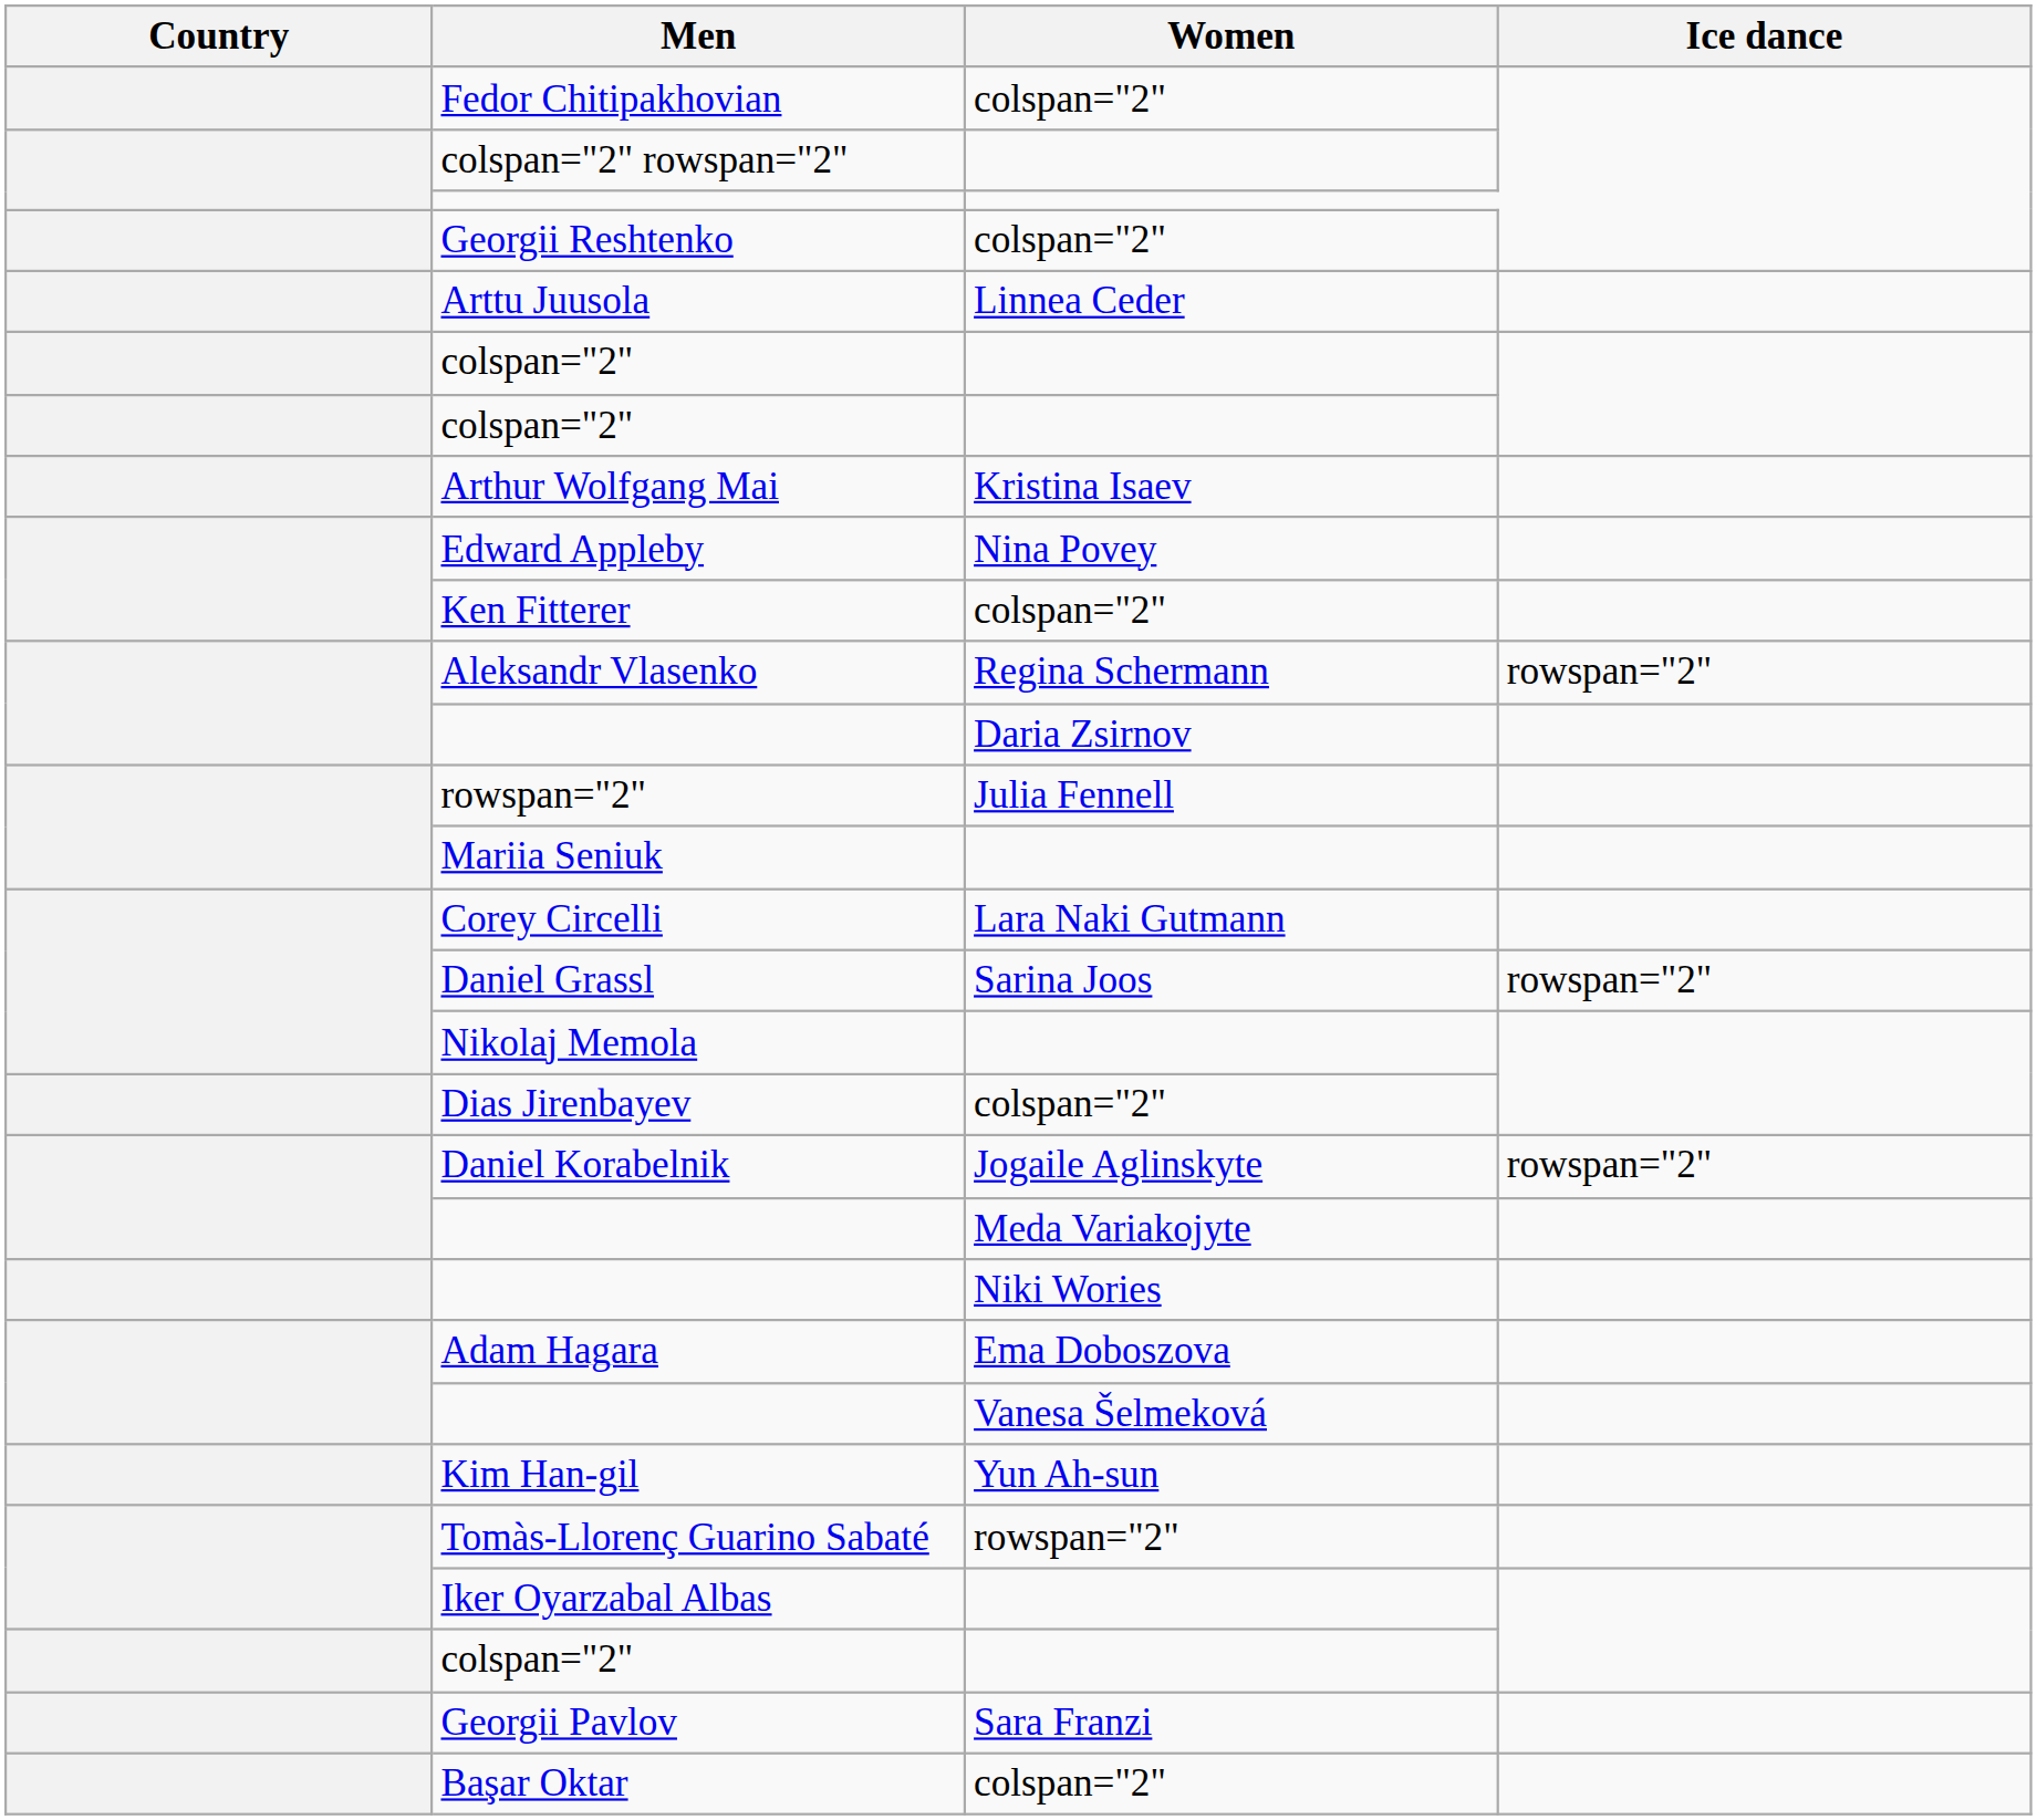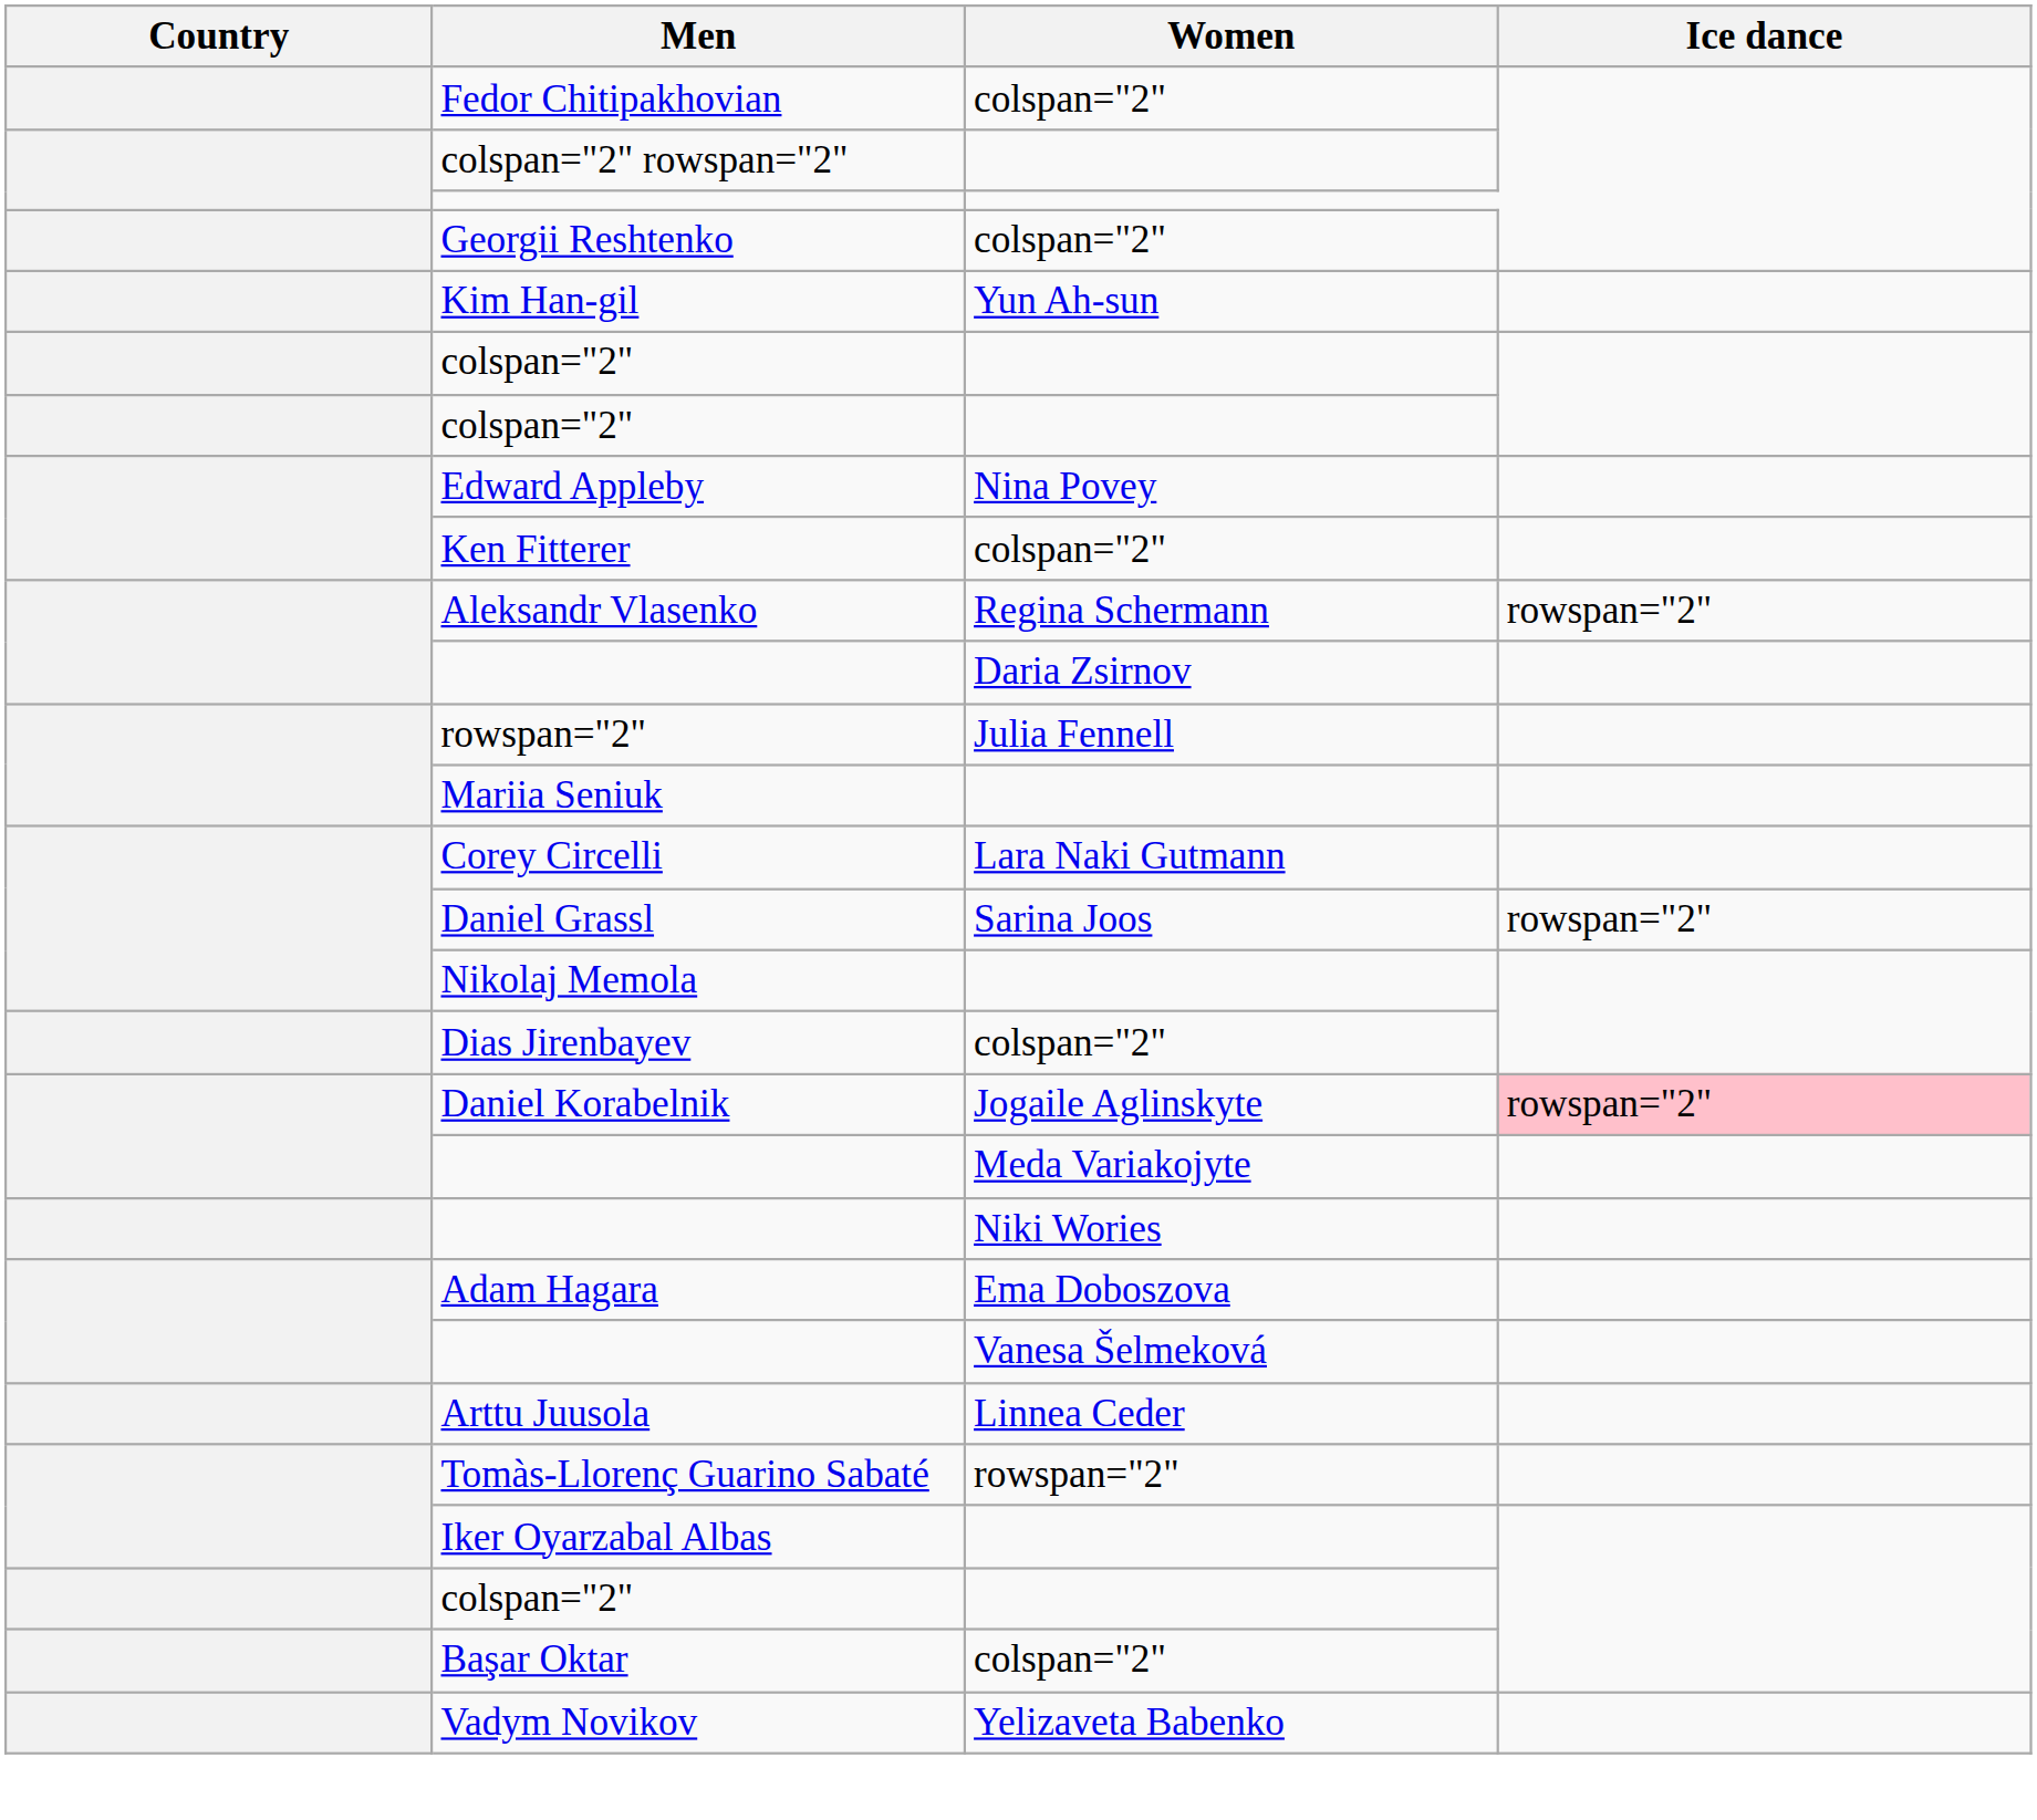 <table class="wikitable unsortable" style="text-align:left">
 <tr>
 <th scope="col" style="width:20%">Country</th>
 <th scope="col" style="width:25%">Men</th>
 <th scope="col" style="width:25%">Women</th>
 <th scope="col" style="width:25%">Ice dance</th>
 </tr>
 <tr>
 <th scope="row" style="text-align:left"></th>
 <td><a href='#'>Fedor Chitipakhovian</a></td>
 <td>colspan="2" </td>
 </tr>
 <tr>
 <th rowspan="2" scope="row" style="text-align:left"></th>
 <td>colspan="2" rowspan="2" </td>
 <td></td>
 </tr>
 <tr>
 <td></td>
 </tr>
 <tr>
 <th scope="row" style="text-align:left"></th>
 <td><a href='#'>Georgii Reshtenko</a></td>
 <td>colspan="2" </td>
 </tr>
 <tr>
 <th scope="row" style="text-align:left"></th>
-<td><a href='#'>Arttu Juusola</a></td>
-<td><a href='#'>Linnea Ceder</a></td>
+<td><a href='#'>Kim Han-gil</a></td>
+<td><a href='#'>Yun Ah-sun</a></td>
 <td></td>
 </tr>
 <tr>
 <th scope="row" style="text-align:left"></th>
 <td>colspan="2" </td>
 <td></td>
 </tr>
 <tr>
 <th scope="row" style="text-align:left"></th>
 <td>colspan="2" </td>
-<td></td>
-</tr>
-<tr>
-<th scope="row" style="text-align:left"></th>
-<td><a href='#'>Arthur Wolfgang Mai</a></td>
-<td><a href='#'>Kristina Isaev</a></td>
 <td></td>
 </tr>
 <tr>
 <th rowspan="2" scope="row" style="text-align:left"></th>
 <td><a href='#'>Edward Appleby</a></td>
 <td><a href='#'>Nina Povey</a></td>
 <td></td>
 </tr>
 <tr>
 <td><a href='#'>Ken Fitterer</a></td>
 <td>colspan="2" </td>
 </tr>
 <tr>
 <th rowspan="2" scope="row" style="text-align:left"></th>
 <td><a href='#'>Aleksandr Vlasenko</a></td>
 <td><a href='#'>Regina Schermann</a></td>
 <td>rowspan="2" </td>
 </tr>
 <tr>
 <td></td>
 <td><a href='#'>Daria Zsirnov</a></td>
 </tr>
 <tr>
 <th scope="row" style="text-align:left" rowspan="2"></th>
 <td>rowspan="2" </td>
 <td><a href='#'>Julia Fennell</a></td>
 <td></td>
 </tr>
 <tr>
 <td><a href='#'>Mariia Seniuk</a></td>
 <td></td>
 </tr>
 <tr>
 <th rowspan="3" scope="row" style="text-align:left"></th>
 <td><a href='#'>Corey Circelli</a></td>
 <td><a href='#'>Lara Naki Gutmann</a></td>
 <td></td>
 </tr>
 <tr>
 <td><a href='#'>Daniel Grassl</a></td>
 <td><a href='#'>Sarina Joos</a></td>
 <td>rowspan="2" </td>
 </tr>
 <tr>
 <td><a href='#'>Nikolaj Memola</a></td>
 <td></td>
 </tr>
 <tr>
 <th scope="row" style="text-align:left"></th>
 <td><a href='#'>Dias Jirenbayev</a></td>
 <td>colspan="2" </td>
 </tr>
 <tr>
 <th rowspan="2" scope="row" style="text-align:left"></th>
 <td><a href='#'>Daniel Korabelnik</a></td>
 <td><a href='#'>Jogaile Aglinskyte</a></td>
-<td>rowspan="2" </td>
+<td style="background: pink;">rowspan="2" </td>
 </tr>
 <tr>
 <td></td>
 <td><a href='#'>Meda Variakojyte</a></td>
 </tr>
 <tr>
 <th scope="row" style="text-align:left"></th>
 <td></td>
 <td><a href='#'>Niki Wories</a></td>
 <td></td>
 </tr>
 <tr>
 <th scope="row" style="text-align:left" rowspan="2"></th>
 <td><a href='#'>Adam Hagara</a></td>
 <td><a href='#'>Ema Doboszova</a></td>
 <td></td>
 </tr>
 <tr>
 <td></td>
 <td><a href='#'>Vanesa Šelmeková</a></td>
 <td></td>
 </tr>
 <tr>
 <th scope="row" style="text-align:left"></th>
-<td><a href='#'>Kim Han-gil</a></td>
-<td><a href='#'>Yun Ah-sun</a></td>
+<td><a href='#'>Arttu Juusola</a></td>
+<td><a href='#'>Linnea Ceder</a></td>
 <td></td>
 </tr>
 <tr>
 <th rowspan="2" scope="row" style="text-align:left"></th>
 <td><a href='#'>Tomàs-Llorenç Guarino Sabaté</a></td>
 <td>rowspan="2" </td>
 <td></td>
 </tr>
 <tr>
 <td><a href='#'>Iker Oyarzabal Albas</a></td>
 <td></td>
 </tr>
 <tr>
 <th scope="row" style="text-align:left"></th>
 <td>colspan="2" </td>
 <td></td>
 </tr>
 <tr>
 <th scope="row" style="text-align:left"></th>
-<td><a href='#'>Georgii Pavlov</a></td>
-<td><a href='#'>Sara Franzi</a></td>
-<td></td>
+<td><a href='#'>Başar Oktar</a></td>
+<td>colspan="2" </td>
 </tr>
 <tr>
 <th scope="row" style="text-align:left"></th>
-<td><a href='#'>Başar Oktar</a></td>
-<td>colspan="2" </td>
+<td><a href='#'>Vadym Novikov</a></td>
+<td><a href='#'>Yelizaveta Babenko</a></td>
+<td></td>
 </tr>
 </table>
